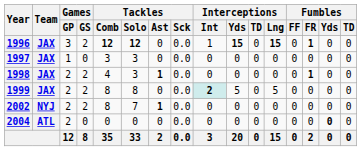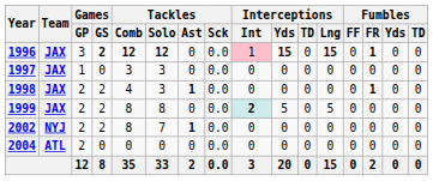 <table class="wikitable" style="text-align:center">
 <tr>
 <th rowspan="2">Year</th>
 <th rowspan="2">Team</th>
 <th colspan="2">Games</th>
 <th colspan="4">Tackles</th>
 <th colspan="4">Interceptions</th>
 <th colspan="4">Fumbles</th>
 </tr>
 <tr>
 <th>GP</th>
 <th>GS</th>
 <th>Comb</th>
 <th>Solo</th>
 <th>Ast</th>
 <th>Sck</th>
 <th>Int</th>
 <th>Yds</th>
 <th>TD</th>
 <th>Lng</th>
 <th>FF</th>
 <th>FR</th>
 <th>Yds</th>
 <th>TD</th>
 </tr>
 <tr>
 <th><a href='#'>1996</a></th>
 <th><a href='#'>JAX</a></th>
 <td>3</td>
-<td>2</td>
+<td><strong>2</strong></td>
 <td><strong>12</strong></td>
 <td><strong>12</strong></td>
 <td>0</td>
 <td>0.0</td>
-<td>1</td>
+<td style="background: pink;">1</td>
 <td><strong>15</strong></td>
 <td>0</td>
 <td><strong>15</strong></td>
 <td>0</td>
 <td><strong>1</strong></td>
 <td>0</td>
 <td>0</td>
 </tr>
 <tr>
 <th><a href='#'>1997</a></th>
 <th><a href='#'>JAX</a></th>
 <td>1</td>
 <td>0</td>
 <td>3</td>
 <td>3</td>
 <td>0</td>
 <td>0.0</td>
 <td>0</td>
 <td>0</td>
 <td>0</td>
 <td>0</td>
 <td>0</td>
 <td>0</td>
 <td>0</td>
 <td>0</td>
 </tr>
 <tr>
 <th><a href='#'>1998</a></th>
 <th><a href='#'>JAX</a></th>
 <td>2</td>
 <td>2</td>
 <td>4</td>
 <td>3</td>
 <td><strong>1</strong></td>
 <td>0.0</td>
 <td>0</td>
 <td>0</td>
 <td>0</td>
 <td>0</td>
 <td>0</td>
 <td><strong>1</strong></td>
 <td>0</td>
 <td>0</td>
 </tr>
 <tr>
 <th><a href='#'>1999</a></th>
 <th><a href='#'>JAX</a></th>
 <td>2</td>
 <td>2</td>
 <td>8</td>
 <td>8</td>
 <td>0</td>
 <td>0.0</td>
 <td style="background:#cfecec; width:3em;"><strong>2</strong></td>
 <td>5</td>
 <td>0</td>
 <td>5</td>
 <td>0</td>
 <td>0</td>
 <td>0</td>
 <td>0</td>
 </tr>
 <tr>
 <th><a href='#'>2002</a></th>
 <th><a href='#'>NYJ</a></th>
 <td>2</td>
 <td>2</td>
 <td>8</td>
 <td>7</td>
 <td><strong>1</strong></td>
 <td>0.0</td>
 <td>0</td>
 <td>0</td>
 <td>0</td>
 <td>0</td>
 <td>0</td>
 <td>0</td>
 <td>0</td>
 <td>0</td>
 </tr>
 <tr>
 <th><a href='#'>2004</a></th>
 <th><a href='#'>ATL</a></th>
 <td>2</td>
 <td>0</td>
 <td>0</td>
 <td>0</td>
 <td>0</td>
 <td>0.0</td>
 <td>0</td>
 <td>0</td>
 <td>0</td>
 <td>0</td>
 <td>0</td>
 <td>0</td>
-<td><strong>0</strong></td>
+<td>0</td>
 <td>0</td>
 </tr>
 <tr>
 <th colspan="2"></th>
 <th>12</th>
 <th>8</th>
 <th>35</th>
 <th>33</th>
 <th>2</th>
 <th>0.0</th>
 <th>3</th>
 <th>20</th>
 <th>0</th>
 <th>15</th>
 <th>0</th>
 <th>2</th>
 <th>0</th>
 <th>0</th>
 </tr>
 </table>
